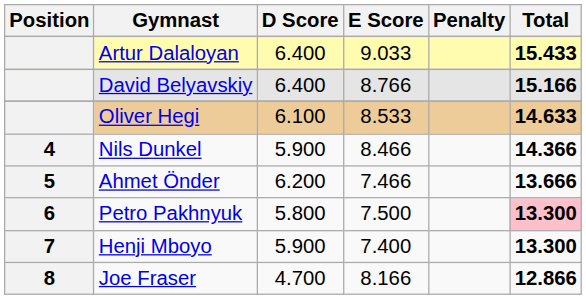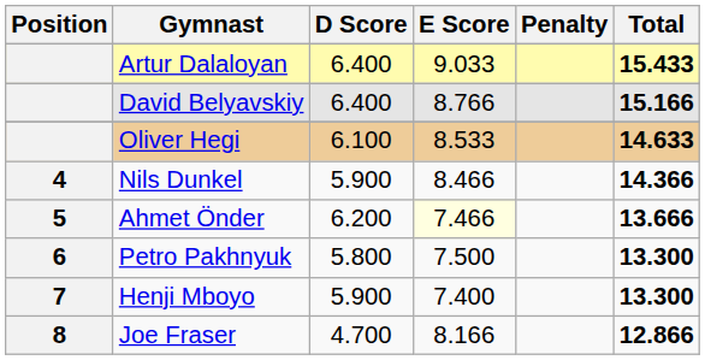 <table style="text-align:center;" class="wikitable sortable">
 <tr>
 <th>Position</th>
 <th>Gymnast</th>
 <th>D Score</th>
 <th>E Score</th>
 <th>Penalty</th>
 <th>Total</th>
 </tr>
 <tr>
 </tr>
 <tr style="background:#fffcaf;">
 <th scope="row" style="text-align:center"></th>
 <td style="text-align:left;"> <a href='#'>Artur Dalaloyan</a></td>
 <td>6.400</td>
 <td>9.033</td>
 <td></td>
 <td><strong>15.433</strong></td>
 </tr>
 <tr>
 </tr>
 <tr style="background:#e5e5e5;">
 <th scope="row" style="text-align:center"></th>
 <td style="text-align:left;"> <a href='#'>David Belyavskiy</a></td>
 <td>6.400</td>
 <td>8.766</td>
 <td></td>
 <td><strong>15.166</strong></td>
 </tr>
 <tr>
 </tr>
 <tr style="background:#ec9;">
 <th scope="row" style="text-align:center"></th>
 <td style="text-align:left;"> <a href='#'>Oliver Hegi</a></td>
 <td>6.100</td>
 <td>8.533</td>
 <td></td>
 <td><strong>14.633</strong></td>
 </tr>
 <tr>
 <th>4</th>
 <td style="text-align:left;"> <a href='#'>Nils Dunkel</a></td>
 <td>5.900</td>
 <td>8.466</td>
 <td></td>
 <td><strong>14.366</strong></td>
 </tr>
 <tr>
 <th>5</th>
 <td style="text-align:left;"> <a href='#'>Ahmet Önder</a></td>
 <td>6.200</td>
-<td>7.466</td>
+<td style="background: lightyellow;">7.466</td>
 <td></td>
 <td><strong>13.666</strong></td>
 </tr>
 <tr>
 <th>6</th>
 <td style="text-align:left;"> <a href='#'>Petro Pakhnyuk</a></td>
 <td>5.800</td>
 <td>7.500</td>
 <td></td>
-<td style="background: pink;"><strong>13.300</strong></td>
+<td><strong>13.300</strong></td>
 </tr>
 <tr>
 <th>7</th>
 <td style="text-align:left;"> <a href='#'>Henji Mboyo</a></td>
 <td>5.900</td>
 <td>7.400</td>
 <td></td>
 <td><strong>13.300</strong></td>
 </tr>
 <tr>
 <th>8</th>
 <td style="text-align:left;"> <a href='#'>Joe Fraser</a></td>
 <td>4.700</td>
 <td>8.166</td>
 <td></td>
 <td><strong>12.866</strong></td>
 </tr>
 </table>
